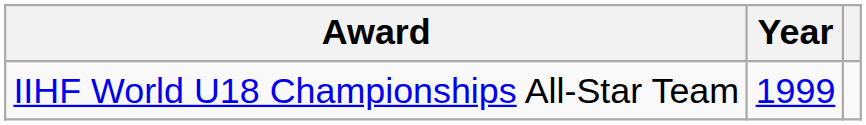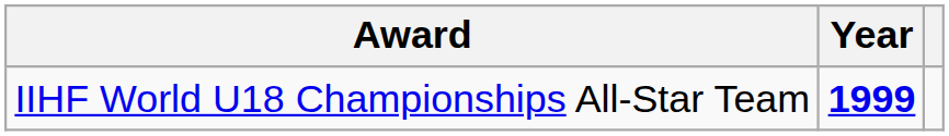 <table class="wikitable">
 <tr>
 <th>Award</th>
 <th>Year</th>
 <th></th>
 </tr>
 <tr>
 <td><a href='#'>IIHF World U18 Championships</a> All-Star Team</td>
-<td><a href='#'>1999</a></td>
+<td><strong><a href='#'>1999</a></strong></td>
 <td></td>
 </tr>
 </table>
